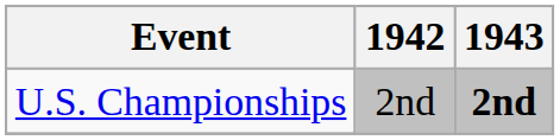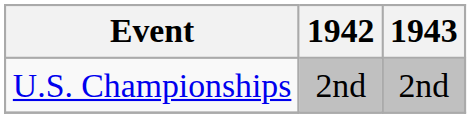 <table class="wikitable">
 <tr>
 <th>Event</th>
 <th>1942</th>
 <th>1943</th>
 </tr>
 <tr>
 <td><a href='#'>U.S. Championships</a></td>
 <td align="center" bgcolor="silver">2nd</td>
-<td align="center" bgcolor="silver"><strong>2nd</strong></td>
+<td align="center" bgcolor="silver">2nd</td>
 </tr>
 <tr>
 </tr>
 </table>
